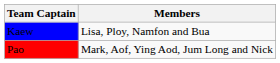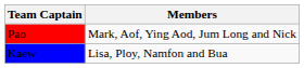 <table class="wikitable">
 <tr>
 <th>Team Captain</th>
 <th>Members</th>
 </tr>
 <tr>
+<td style="background:red"><span>Pao </span></td>
+<td>Mark, Aof, Ying Aod, Jum Long and Nick</td>
+</tr>
+<tr>
 <td style="background:#0000FF"><span>Kaew </span></td>
 <td>Lisa, Ploy, Namfon and Bua</td>
 </tr>
-<tr>
-<td style="background:red"><span>Pao </span></td>
-<td>Mark, Aof, Ying Aod, Jum Long and Nick</td>
-</tr>
 </table>
